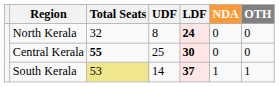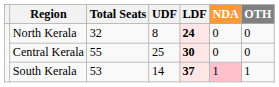 <table class="wikitable sortable" style="text-align:centre;">
 <tr>
 <th></th>
 <th>Region</th>
 <th>Total Seats</th>
 <th style="background:">UDF</th>
 <th style="background:">LDF</th>
 <th style="background:#FF9933; color:white;">NDA</th>
 <th style="background:grey; color:white;">OTH</th>
 </tr>
 <tr>
 <td rowspan="3"></td>
 <td>North Kerala</td>
 <td>32</td>
 <td>8</td>
 <td style="background:#FFE6E6"><strong>24</strong></td>
 <td>0</td>
 <td>0</td>
 </tr>
 <tr>
 <td>Central Kerala</td>
-<td><strong>55</strong></td>
+<td>55</td>
 <td>25</td>
 <td style="background:#FFE6E6"><strong>30</strong></td>
 <td>0</td>
 <td>0</td>
 </tr>
 <tr>
 <td>South Kerala</td>
-<td style="background: khaki;">53</td>
+<td>53</td>
 <td>14</td>
 <td style="background:#FFE6E6"><strong>37</strong></td>
-<td>1</td>
+<td style="background: pink;">1</td>
 <td>1</td>
 </tr>
 </table>
